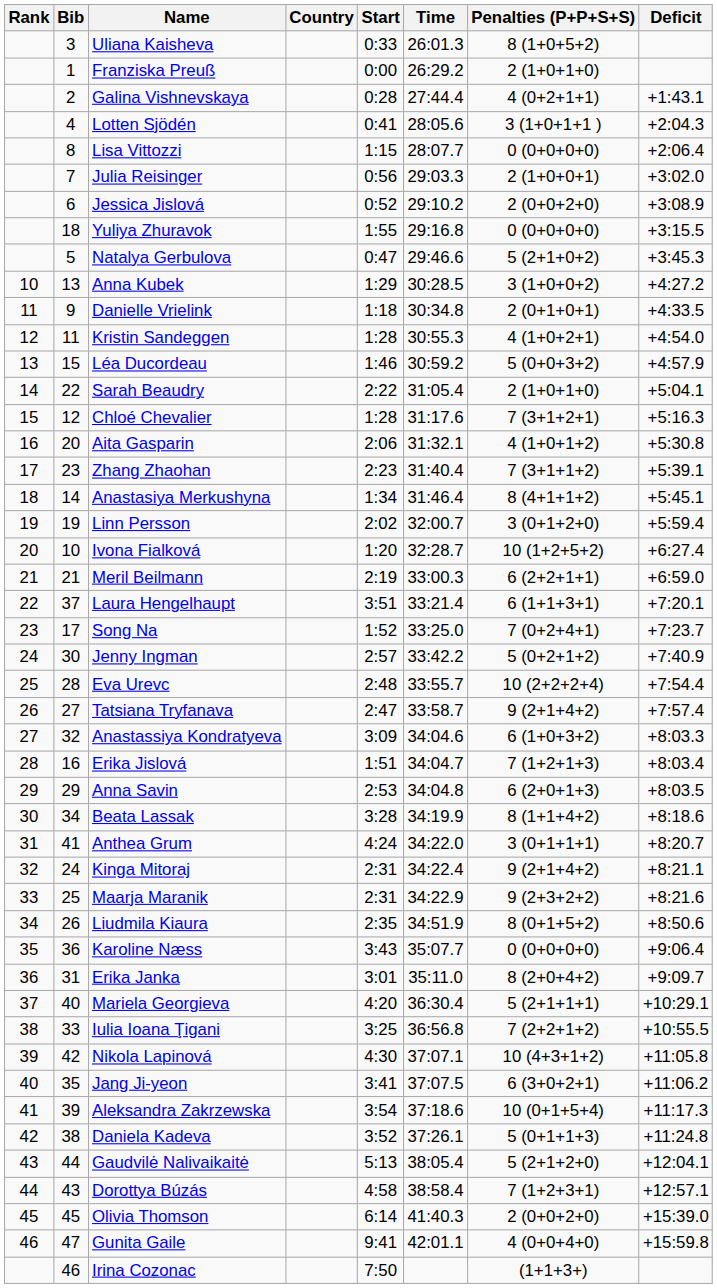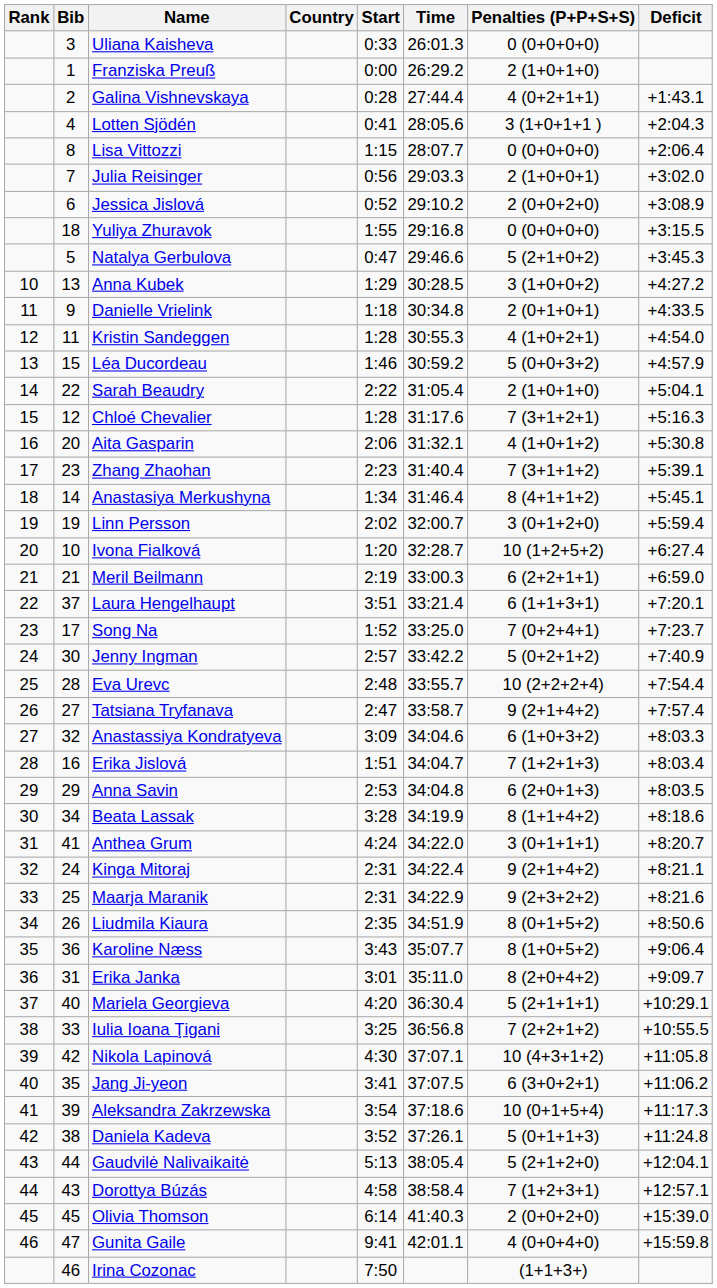 <table class="wikitable sortable" style="text-align:center">
 <tr>
 <th>Rank</th>
 <th>Bib</th>
 <th>Name</th>
 <th>Country</th>
 <th>Start</th>
 <th>Time</th>
 <th data-sort-type=number>Penalties (P+P+S+S)</th>
 <th>Deficit</th>
 </tr>
 <tr>
 <td></td>
 <td>3</td>
 <td align=left><a href='#'>Uliana Kaisheva</a></td>
 <td align=left></td>
 <td>0:33</td>
 <td>26:01.3</td>
-<td>8 (1+0+5+2)</td>
+<td>0 (0+0+0+0)</td>
 <td></td>
 </tr>
 <tr>
 <td></td>
 <td>1</td>
 <td align=left><a href='#'>Franziska Preuß</a></td>
 <td align=left></td>
 <td>0:00</td>
 <td>26:29.2</td>
 <td>2 (1+0+1+0)</td>
 <td></td>
 </tr>
 <tr>
 <td></td>
 <td>2</td>
 <td align=left><a href='#'>Galina Vishnevskaya</a></td>
 <td align=left></td>
 <td>0:28</td>
 <td>27:44.4</td>
 <td>4 (0+2+1+1)</td>
 <td>+1:43.1</td>
 </tr>
 <tr>
 <td></td>
 <td>4</td>
 <td align=left><a href='#'>Lotten Sjödén</a></td>
 <td align=left></td>
 <td>0:41</td>
 <td>28:05.6</td>
 <td>3 (1+0+1+1 )</td>
 <td>+2:04.3</td>
 </tr>
 <tr>
 <td></td>
 <td>8</td>
 <td align=left><a href='#'>Lisa Vittozzi</a></td>
 <td align=left></td>
 <td>1:15</td>
 <td>28:07.7</td>
 <td>0 (0+0+0+0)</td>
 <td>+2:06.4</td>
 </tr>
 <tr>
 <td></td>
 <td>7</td>
 <td align=left><a href='#'>Julia Reisinger</a></td>
 <td align=left></td>
 <td>0:56</td>
 <td>29:03.3</td>
 <td>2 (1+0+0+1)</td>
 <td>+3:02.0</td>
 </tr>
 <tr>
 <td></td>
 <td>6</td>
 <td align=left><a href='#'>Jessica Jislová</a></td>
 <td align=left></td>
 <td>0:52</td>
 <td>29:10.2</td>
 <td>2 (0+0+2+0)</td>
 <td>+3:08.9</td>
 </tr>
 <tr>
 <td></td>
 <td>18</td>
 <td align=left><a href='#'>Yuliya Zhuravok</a></td>
 <td align=left></td>
 <td>1:55</td>
 <td>29:16.8</td>
 <td>0 (0+0+0+0)</td>
 <td>+3:15.5</td>
 </tr>
 <tr>
 <td></td>
 <td>5</td>
 <td align=left><a href='#'>Natalya Gerbulova</a></td>
 <td align=left></td>
 <td>0:47</td>
 <td>29:46.6</td>
 <td>5 (2+1+0+2)</td>
 <td>+3:45.3</td>
 </tr>
 <tr>
 <td>10</td>
 <td>13</td>
 <td align=left><a href='#'>Anna Kubek</a></td>
 <td align=left></td>
 <td>1:29</td>
 <td>30:28.5</td>
 <td>3 (1+0+0+2)</td>
 <td>+4:27.2</td>
 </tr>
 <tr>
 <td>11</td>
 <td>9</td>
 <td align=left><a href='#'>Danielle Vrielink</a></td>
 <td align=left></td>
 <td>1:18</td>
 <td>30:34.8</td>
 <td>2 (0+1+0+1)</td>
 <td>+4:33.5</td>
 </tr>
 <tr>
 <td>12</td>
 <td>11</td>
 <td align=left><a href='#'>Kristin Sandeggen</a></td>
 <td align=left></td>
 <td>1:28</td>
 <td>30:55.3</td>
 <td>4 (1+0+2+1)</td>
 <td>+4:54.0</td>
 </tr>
 <tr>
 <td>13</td>
 <td>15</td>
 <td align=left><a href='#'>Léa Ducordeau</a></td>
 <td align=left></td>
 <td>1:46</td>
 <td>30:59.2</td>
 <td>5 (0+0+3+2)</td>
 <td>+4:57.9</td>
 </tr>
 <tr>
 <td>14</td>
 <td>22</td>
 <td align=left><a href='#'>Sarah Beaudry</a></td>
 <td align=left></td>
 <td>2:22</td>
 <td>31:05.4</td>
 <td>2 (1+0+1+0)</td>
 <td>+5:04.1</td>
 </tr>
 <tr>
 <td>15</td>
 <td>12</td>
 <td align=left><a href='#'>Chloé Chevalier</a></td>
 <td align=left></td>
 <td>1:28</td>
 <td>31:17.6</td>
 <td>7 (3+1+2+1)</td>
 <td>+5:16.3</td>
 </tr>
 <tr>
 <td>16</td>
 <td>20</td>
 <td align=left><a href='#'>Aita Gasparin</a></td>
 <td align=left></td>
 <td>2:06</td>
 <td>31:32.1</td>
 <td>4 (1+0+1+2)</td>
 <td>+5:30.8</td>
 </tr>
 <tr>
 <td>17</td>
 <td>23</td>
 <td align=left><a href='#'>Zhang Zhaohan</a></td>
 <td align=left></td>
 <td>2:23</td>
 <td>31:40.4</td>
 <td>7 (3+1+1+2)</td>
 <td>+5:39.1</td>
 </tr>
 <tr>
 <td>18</td>
 <td>14</td>
 <td align=left><a href='#'>Anastasiya Merkushyna</a></td>
 <td align=left></td>
 <td>1:34</td>
 <td>31:46.4</td>
 <td>8 (4+1+1+2)</td>
 <td>+5:45.1</td>
 </tr>
 <tr>
 <td>19</td>
 <td>19</td>
 <td align=left><a href='#'>Linn Persson</a></td>
 <td align=left></td>
 <td>2:02</td>
 <td>32:00.7</td>
 <td>3 (0+1+2+0)</td>
 <td>+5:59.4</td>
 </tr>
 <tr>
 <td>20</td>
 <td>10</td>
 <td align=left><a href='#'>Ivona Fialková</a></td>
 <td align=left></td>
 <td>1:20</td>
 <td>32:28.7</td>
 <td>10 (1+2+5+2)</td>
 <td>+6:27.4</td>
 </tr>
 <tr>
 <td>21</td>
 <td>21</td>
 <td align=left><a href='#'>Meril Beilmann</a></td>
 <td align=left></td>
 <td>2:19</td>
 <td>33:00.3</td>
 <td>6 (2+2+1+1)</td>
 <td>+6:59.0</td>
 </tr>
 <tr>
 <td>22</td>
 <td>37</td>
 <td align=left><a href='#'>Laura Hengelhaupt</a></td>
 <td align=left></td>
 <td>3:51</td>
 <td>33:21.4</td>
 <td>6 (1+1+3+1)</td>
 <td>+7:20.1</td>
 </tr>
 <tr>
 <td>23</td>
 <td>17</td>
 <td align=left><a href='#'>Song Na</a></td>
 <td align=left></td>
 <td>1:52</td>
 <td>33:25.0</td>
 <td>7 (0+2+4+1)</td>
 <td>+7:23.7</td>
 </tr>
 <tr>
 <td>24</td>
 <td>30</td>
 <td align=left><a href='#'>Jenny Ingman</a></td>
 <td align=left></td>
 <td>2:57</td>
 <td>33:42.2</td>
 <td>5 (0+2+1+2)</td>
 <td>+7:40.9</td>
 </tr>
 <tr>
 <td>25</td>
 <td>28</td>
 <td align=left><a href='#'>Eva Urevc</a></td>
 <td align=left></td>
 <td>2:48</td>
 <td>33:55.7</td>
 <td>10 (2+2+2+4)</td>
 <td>+7:54.4</td>
 </tr>
 <tr>
 <td>26</td>
 <td>27</td>
 <td align=left><a href='#'>Tatsiana Tryfanava</a></td>
 <td align=left></td>
 <td>2:47</td>
 <td>33:58.7</td>
 <td>9 (2+1+4+2)</td>
 <td>+7:57.4</td>
 </tr>
 <tr>
 <td>27</td>
 <td>32</td>
 <td align=left><a href='#'>Anastassiya Kondratyeva</a></td>
 <td align=left></td>
 <td>3:09</td>
 <td>34:04.6</td>
 <td>6 (1+0+3+2)</td>
 <td>+8:03.3</td>
 </tr>
 <tr>
 <td>28</td>
 <td>16</td>
 <td align=left><a href='#'>Erika Jislová</a></td>
 <td align=left></td>
 <td>1:51</td>
 <td>34:04.7</td>
 <td>7 (1+2+1+3)</td>
 <td>+8:03.4</td>
 </tr>
 <tr>
 <td>29</td>
 <td>29</td>
 <td align=left><a href='#'>Anna Savin</a></td>
 <td align=left></td>
 <td>2:53</td>
 <td>34:04.8</td>
 <td>6 (2+0+1+3)</td>
 <td>+8:03.5</td>
 </tr>
 <tr>
 <td>30</td>
 <td>34</td>
 <td align=left><a href='#'>Beata Lassak</a></td>
 <td align=left></td>
 <td>3:28</td>
 <td>34:19.9</td>
 <td>8 (1+1+4+2)</td>
 <td>+8:18.6</td>
 </tr>
 <tr>
 <td>31</td>
 <td>41</td>
 <td align=left><a href='#'>Anthea Grum</a></td>
 <td align=left></td>
 <td>4:24</td>
 <td>34:22.0</td>
 <td>3 (0+1+1+1)</td>
 <td>+8:20.7</td>
 </tr>
 <tr>
 <td>32</td>
 <td>24</td>
 <td align=left><a href='#'>Kinga Mitoraj</a></td>
 <td align=left></td>
 <td>2:31</td>
 <td>34:22.4</td>
 <td>9 (2+1+4+2)</td>
 <td>+8:21.1</td>
 </tr>
 <tr>
 <td>33</td>
 <td>25</td>
 <td align=left><a href='#'>Maarja Maranik</a></td>
 <td align=left></td>
 <td>2:31</td>
 <td>34:22.9</td>
 <td>9 (2+3+2+2)</td>
 <td>+8:21.6</td>
 </tr>
 <tr>
 <td>34</td>
 <td>26</td>
 <td align=left><a href='#'>Liudmila Kiaura</a></td>
 <td align=left></td>
 <td>2:35</td>
 <td>34:51.9</td>
 <td>8 (0+1+5+2)</td>
 <td>+8:50.6</td>
 </tr>
 <tr>
 <td>35</td>
 <td>36</td>
 <td align=left><a href='#'>Karoline Næss</a></td>
 <td align=left></td>
 <td>3:43</td>
 <td>35:07.7</td>
-<td>0 (0+0+0+0)</td>
+<td>8 (1+0+5+2)</td>
 <td>+9:06.4</td>
 </tr>
 <tr>
 <td>36</td>
 <td>31</td>
 <td align=left><a href='#'>Erika Janka</a></td>
 <td align=left></td>
 <td>3:01</td>
 <td>35:11.0</td>
 <td>8 (2+0+4+2)</td>
 <td>+9:09.7</td>
 </tr>
 <tr>
 <td>37</td>
 <td>40</td>
 <td align=left><a href='#'>Mariela Georgieva</a></td>
 <td align=left></td>
 <td>4:20</td>
 <td>36:30.4</td>
 <td>5 (2+1+1+1)</td>
 <td>+10:29.1</td>
 </tr>
 <tr>
 <td>38</td>
 <td>33</td>
 <td align=left><a href='#'>Iulia Ioana Ţigani</a></td>
 <td align=left></td>
 <td>3:25</td>
 <td>36:56.8</td>
 <td>7 (2+2+1+2)</td>
 <td>+10:55.5</td>
 </tr>
 <tr>
 <td>39</td>
 <td>42</td>
 <td align=left><a href='#'>Nikola Lapinová</a></td>
 <td align=left></td>
 <td>4:30</td>
 <td>37:07.1</td>
 <td>10 (4+3+1+2)</td>
 <td>+11:05.8</td>
 </tr>
 <tr>
 <td>40</td>
 <td>35</td>
 <td align=left><a href='#'>Jang Ji-yeon</a></td>
 <td align=left></td>
 <td>3:41</td>
 <td>37:07.5</td>
 <td>6 (3+0+2+1)</td>
 <td>+11:06.2</td>
 </tr>
 <tr>
 <td>41</td>
 <td>39</td>
 <td align=left><a href='#'>Aleksandra Zakrzewska</a></td>
 <td align=left></td>
 <td>3:54</td>
 <td>37:18.6</td>
 <td>10 (0+1+5+4)</td>
 <td>+11:17.3</td>
 </tr>
 <tr>
 <td>42</td>
 <td>38</td>
 <td align=left><a href='#'>Daniela Kadeva</a></td>
 <td align=left></td>
 <td>3:52</td>
 <td>37:26.1</td>
 <td>5 (0+1+1+3)</td>
 <td>+11:24.8</td>
 </tr>
 <tr>
 <td>43</td>
 <td>44</td>
 <td align=left><a href='#'>Gaudvilė Nalivaikaitė</a></td>
 <td align=left></td>
 <td>5:13</td>
 <td>38:05.4</td>
 <td>5 (2+1+2+0)</td>
 <td>+12:04.1</td>
 </tr>
 <tr>
 <td>44</td>
 <td>43</td>
 <td align=left><a href='#'>Dorottya Búzás</a></td>
 <td align=left></td>
 <td>4:58</td>
 <td>38:58.4</td>
 <td>7 (1+2+3+1)</td>
 <td>+12:57.1</td>
 </tr>
 <tr>
 <td>45</td>
 <td>45</td>
 <td align=left><a href='#'>Olivia Thomson</a></td>
 <td align=left></td>
 <td>6:14</td>
 <td>41:40.3</td>
 <td>2 (0+0+2+0)</td>
 <td>+15:39.0</td>
 </tr>
 <tr>
 <td>46</td>
 <td>47</td>
 <td align=left><a href='#'>Gunita Gaile</a></td>
 <td align=left></td>
 <td>9:41</td>
 <td>42:01.1</td>
 <td>4 (0+0+4+0)</td>
 <td>+15:59.8</td>
 </tr>
 <tr>
 <td></td>
 <td>46</td>
 <td align=left><a href='#'>Irina Cozonac</a></td>
 <td align=left></td>
 <td>7:50</td>
 <td></td>
 <td>(1+1+3+)</td>
 <td></td>
 </tr>
 </table>
